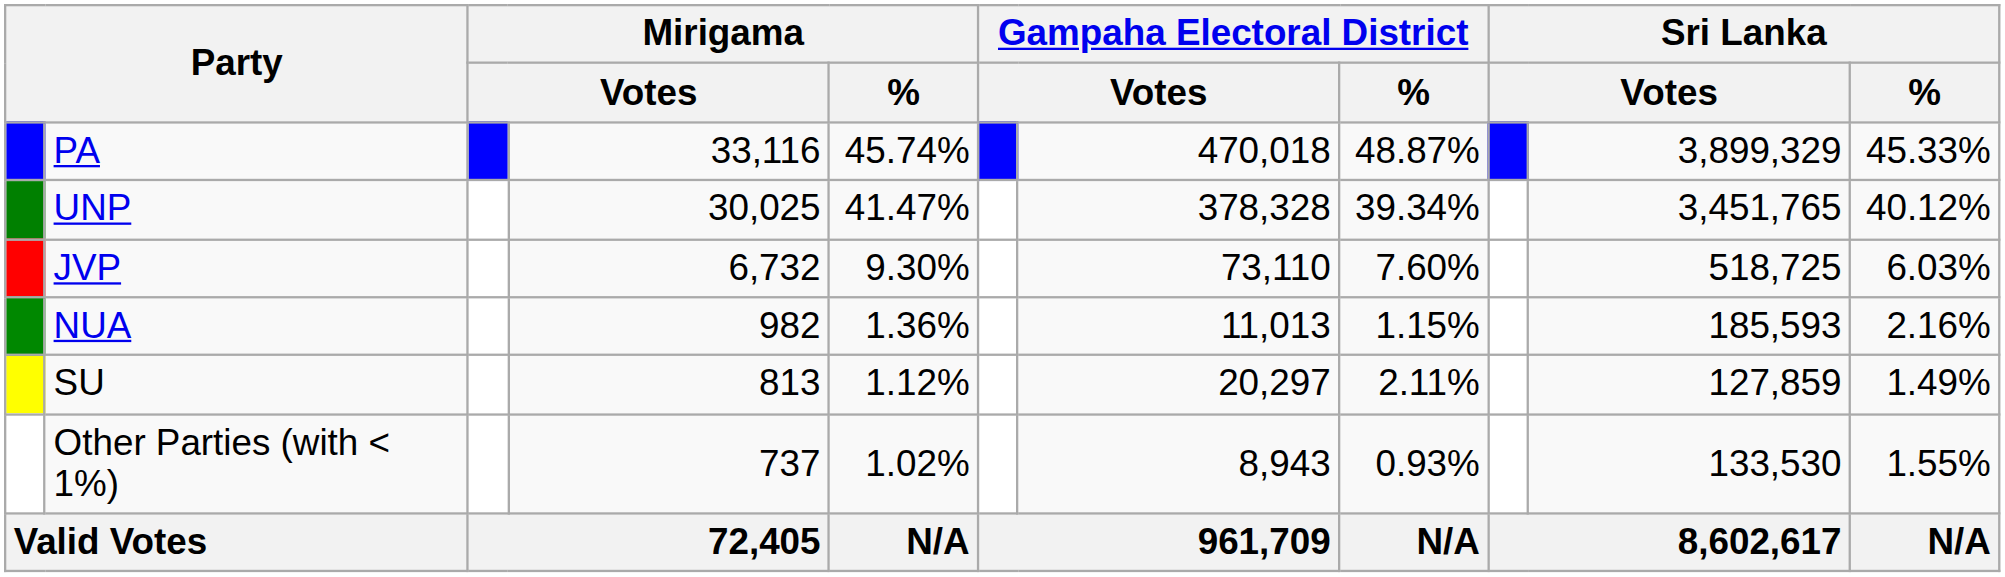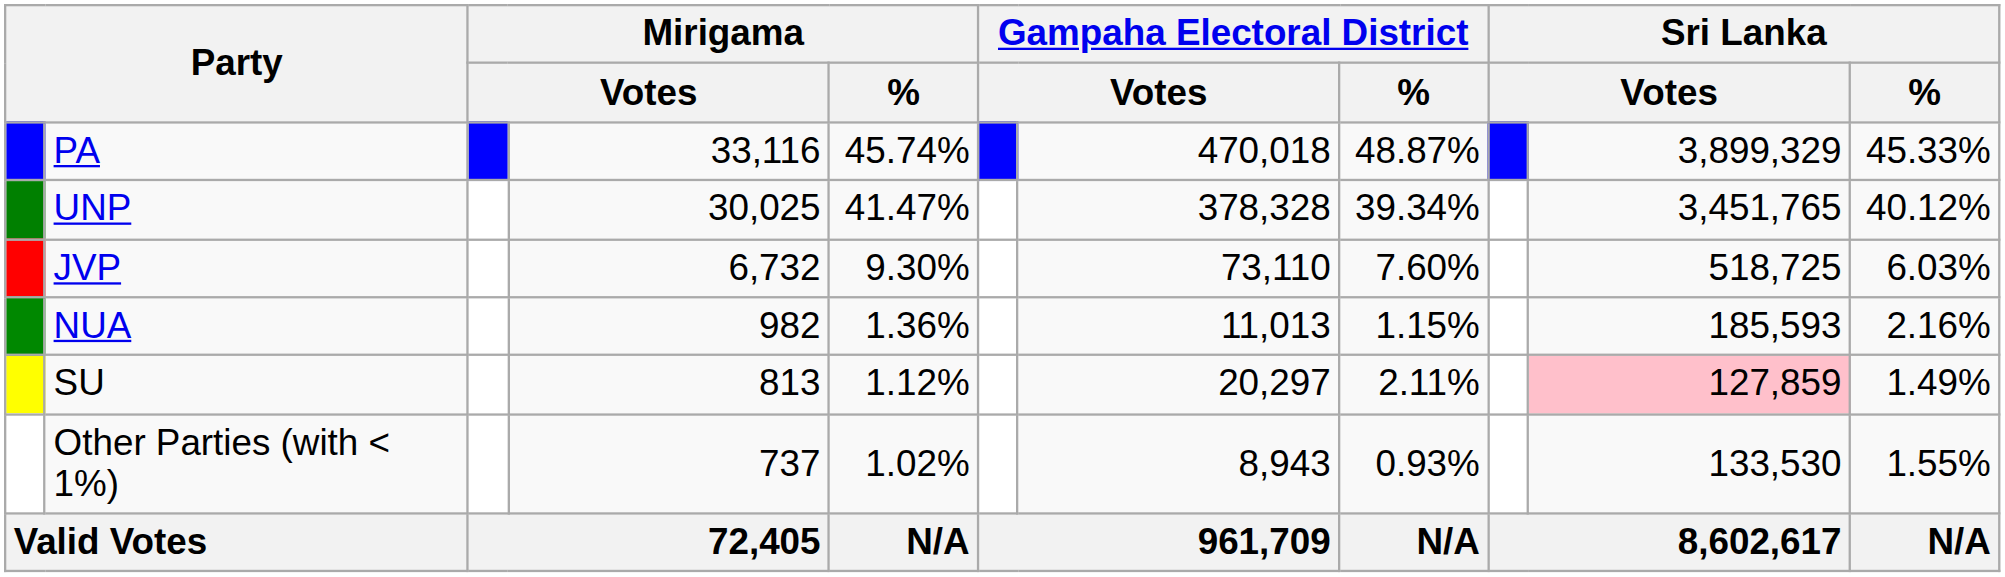 <table class="wikitable">
 <tr>
 <th colspan="2" width="144px"rowspan="2">Party</th>
 <th colspan="3" width="216px">Mirigama</th>
 <th colspan="3" width="216px"><a href='#'>Gampaha Electoral District</a></th>
 <th colspan="3" width="216px">Sri Lanka</th>
 </tr>
 <tr>
 <th colspan="2" width="144px">Votes</th>
 <th>%</th>
 <th colspan="2" width="144px">Votes</th>
 <th>%</th>
 <th colspan="2" width="144px">Votes</th>
 <th>%</th>
 </tr>
 <tr>
 <td style="background-color:blue;" width="10px"></td>
 <td style="text-align:left;"><a href='#'>PA</a></td>
 <td style="background-color:blue;" width="10px"></td>
 <td style="text-align:right;">33,116</td>
 <td style="text-align:right;">45.74%</td>
 <td style="background-color:blue;" width="10px"></td>
 <td style="text-align:right;">470,018</td>
 <td style="text-align:right;">48.87%</td>
 <td style="background-color:blue;" width="10px"></td>
 <td style="text-align:right;">3,899,329</td>
 <td style="text-align:right;">45.33%</td>
 </tr>
 <tr>
 <td style="background-color:green;" width="10px"></td>
 <td style="text-align:left;"><a href='#'>UNP</a></td>
 <td style="background-color:white;" width="10px"></td>
 <td style="text-align:right;">30,025</td>
 <td style="text-align:right;">41.47%</td>
 <td style="background-color:white;" width="10px"></td>
 <td style="text-align:right;">378,328</td>
 <td style="text-align:right;">39.34%</td>
 <td style="background-color:white;" width="10px"></td>
 <td style="text-align:right;">3,451,765</td>
 <td style="text-align:right;">40.12%</td>
 </tr>
 <tr>
 <td style="background-color:red;" width="10px"></td>
 <td style="text-align:left;"><a href='#'>JVP</a></td>
 <td style="background-color:white;" width="10px"></td>
 <td style="text-align:right;">6,732</td>
 <td style="text-align:right;">9.30%</td>
 <td style="background-color:white;" width="10px"></td>
 <td style="text-align:right;">73,110</td>
 <td style="text-align:right;">7.60%</td>
 <td style="background-color:white;" width="10px"></td>
 <td style="text-align:right;">518,725</td>
 <td style="text-align:right;">6.03%</td>
 </tr>
 <tr>
 <td style="background-color:#008800;" width="10px"></td>
 <td style="text-align:left;"><a href='#'>NUA</a></td>
 <td style="background-color:white;" width="10px"></td>
 <td style="text-align:right;">982</td>
 <td style="text-align:right;">1.36%</td>
 <td style="background-color:white;" width="10px"></td>
 <td style="text-align:right;">11,013</td>
 <td style="text-align:right;">1.15%</td>
 <td style="background-color:white;" width="10px"></td>
 <td style="text-align:right;">185,593</td>
 <td style="text-align:right;">2.16%</td>
 </tr>
 <tr>
 <td style="background-color:yellow;" width="10px"></td>
 <td style="text-align:left;">SU</td>
 <td style="background-color:white;" width="10px"></td>
 <td style="text-align:right;">813</td>
 <td style="text-align:right;">1.12%</td>
 <td style="background-color:white;" width="10px"></td>
 <td style="text-align:right;">20,297</td>
 <td style="text-align:right;">2.11%</td>
 <td style="background-color:white;" width="10px"></td>
-<td style="text-align:right;">127,859</td>
+<td style="background: pink; text-align:right;">127,859</td>
 <td style="text-align:right;">1.49%</td>
 </tr>
 <tr>
 <td style="background-color:white;" width="10px"></td>
 <td style="text-align:left;">Other Parties (with < 1%)</td>
 <td style="background-color:white;" width="10px"></td>
 <td style="text-align:right;">737</td>
 <td style="text-align:right;">1.02%</td>
 <td style="background-color:white;" width="10px"></td>
 <td style="text-align:right;">8,943</td>
 <td style="text-align:right;">0.93%</td>
 <td style="background-color:white;" width="10px"></td>
 <td style="text-align:right;">133,530</td>
 <td style="text-align:right;">1.55%</td>
 </tr>
 <tr>
 <th colspan="2" width="144px"style="text-align:left;">Valid Votes</th>
 <th style="text-align:right;"colspan="2" width="144px">72,405</th>
 <th style="text-align:right;">N/A</th>
 <th style="text-align:right;"colspan="2" width="144px">961,709</th>
 <th style="text-align:right;">N/A</th>
 <th style="text-align:right;"colspan="2" width="144px">8,602,617</th>
 <th style="text-align:right;">N/A</th>
 </tr>
 </table>
